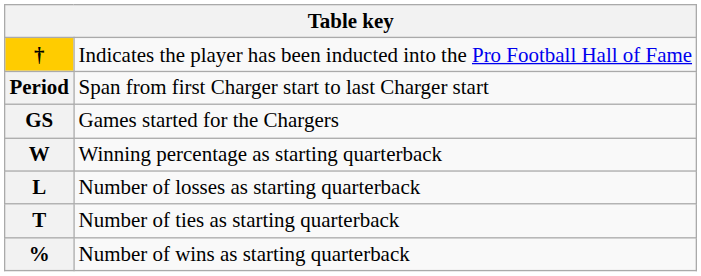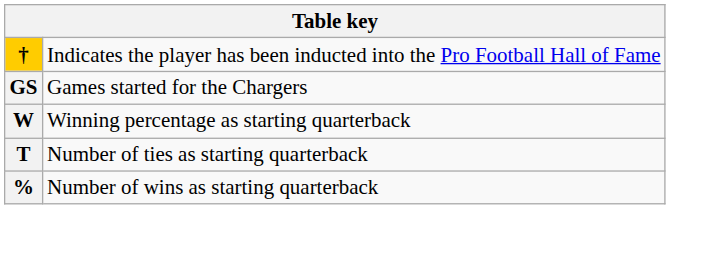 <table class="wikitable mw-collapsible">
 <tr>
 <th scope="colgroup" colspan="2">Table key</th>
 </tr>
 <tr>
 <th scope="row" style="background:#FFCC00">†</th>
 <td>Indicates the player has been inducted into the <a href='#'>Pro Football Hall of Fame</a></td>
-</tr>
-<tr>
-<th scope="row">Period</th>
-<td>Span from first Charger start to last Charger start</td>
 </tr>
 <tr>
 <th scope="row">GS</th>
 <td>Games started for the Chargers</td>
 </tr>
 <tr>
 <th scope="row">W</th>
 <td>Winning percentage as starting quarterback</td>
 </tr>
 <tr>
-<th scope="row">L</th>
-<td>Number of losses as starting quarterback</td>
-</tr>
-<tr>
 <th scope="row">T</th>
 <td>Number of ties as starting quarterback</td>
 </tr>
 <tr>
 <th scope="row">%</th>
 <td>Number of wins as starting quarterback</td>
 </tr>
 </table>
